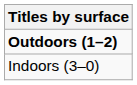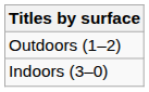 <table class=wikitable style=font-size:97%>
 <tr>
 <th>Titles by surface</th>
 </tr>
 <tr>
-<td><strong>Outdoors (1–2)</strong></td>
+<td>Outdoors (1–2)</td>
 </tr>
 <tr>
 <td>Indoors (3–0)</td>
 </tr>
 </table>
